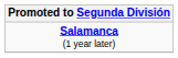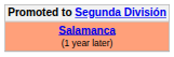 <table class="wikitable" style="text-align: center; margin: 0 auto;">
 <tr>
 <th colspan="2">Promoted to <a href='#'>Segunda División</a></th>
 </tr>
 <tr>
-<td><strong><a href='#'>Salamanca</a></strong><br><small>(1 year later)</small></td>
+<td style="background: lightsalmon;"><strong><a href='#'>Salamanca</a></strong><br><small>(1 year later)</small></td>
 </tr>
 <tr>
 </tr>
 </table>
